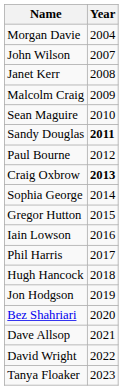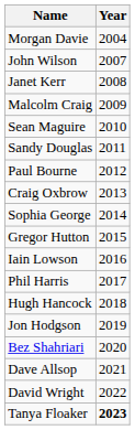 <table class="wikitable">
 <tr>
 <th>Name</th>
 <th>Year</th>
 </tr>
 <tr>
 <td>Morgan Davie</td>
 <td>2004</td>
 </tr>
 <tr>
 <td>John Wilson</td>
 <td>2007</td>
 </tr>
 <tr>
 <td>Janet Kerr</td>
 <td>2008</td>
 </tr>
 <tr>
 <td>Malcolm Craig</td>
 <td>2009</td>
 </tr>
 <tr>
 <td>Sean Maguire</td>
 <td>2010</td>
 </tr>
 <tr>
 <td>Sandy Douglas</td>
-<td><strong>2011</strong></td>
+<td>2011</td>
 </tr>
 <tr>
 <td>Paul Bourne</td>
 <td>2012</td>
 </tr>
 <tr>
 <td>Craig Oxbrow</td>
-<td><strong>2013</strong></td>
+<td>2013</td>
 </tr>
 <tr>
 <td>Sophia George</td>
 <td>2014</td>
 </tr>
 <tr>
 <td>Gregor Hutton</td>
 <td>2015</td>
 </tr>
 <tr>
 <td>Iain Lowson</td>
 <td>2016</td>
 </tr>
 <tr>
 <td>Phil Harris</td>
 <td>2017</td>
 </tr>
 <tr>
 <td>Hugh Hancock</td>
 <td>2018</td>
 </tr>
 <tr>
 <td>Jon Hodgson</td>
 <td>2019</td>
 </tr>
 <tr>
 <td><a href='#'>Bez Shahriari</a></td>
 <td>2020</td>
 </tr>
 <tr>
 <td>Dave Allsop</td>
 <td>2021</td>
 </tr>
 <tr>
 <td>David Wright</td>
 <td>2022</td>
 </tr>
 <tr>
 <td>Tanya Floaker</td>
-<td>2023</td>
+<td><strong>2023</strong></td>
 </tr>
 </table>
